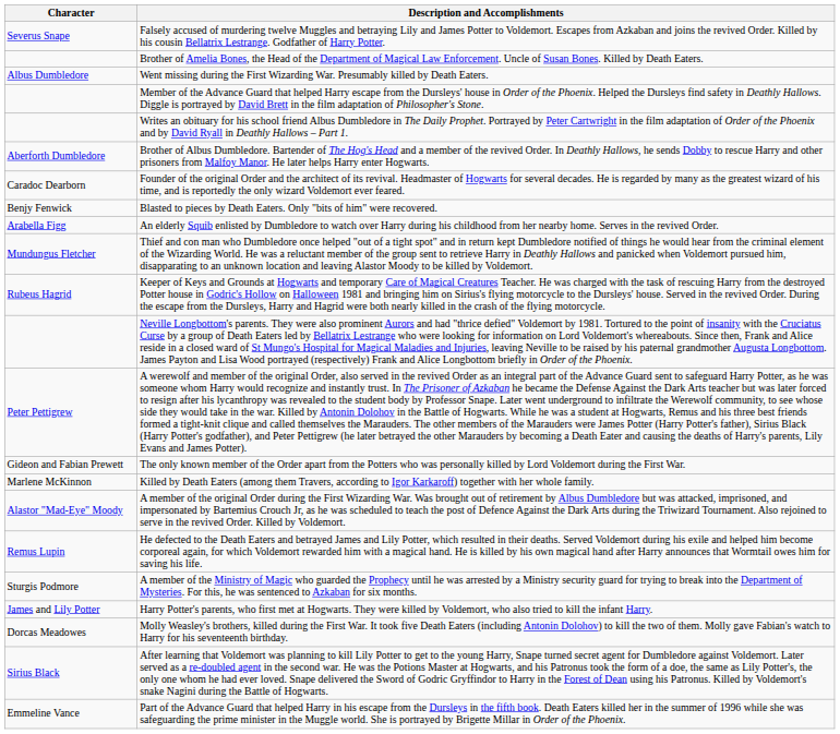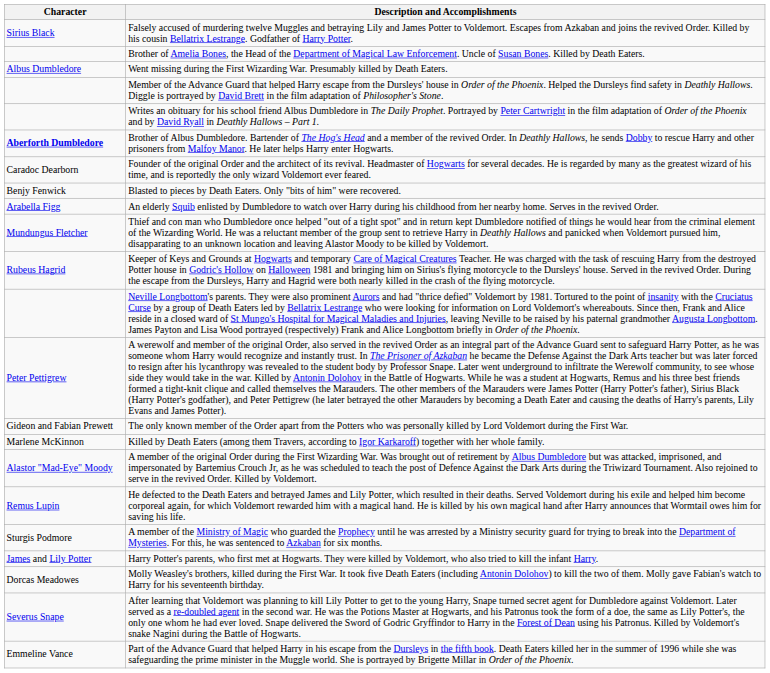 <table Class=wikitable>
 <tr>
 <th style="width:12em;">Character</th>
 <th>Description and Accomplishments</th>
 </tr>
 <tr>
-<td><a href='#'>Severus Snape</a></td>
+<td><a href='#'>Sirius Black</a></td>
 <td>Falsely accused of murdering twelve Muggles and betraying Lily and James Potter to Voldemort. Escapes from Azkaban and joins the revived Order. Killed by his cousin <a href='#'>Bellatrix Lestrange</a>. Godfather of <a href='#'>Harry Potter</a>.</td>
 </tr>
 <tr>
 <td></td>
 <td>Brother of <a href='#'>Amelia Bones</a>, the Head of the <a href='#'>Department of Magical Law Enforcement</a>. Uncle of <a href='#'>Susan Bones</a>. Killed by Death Eaters.</td>
 </tr>
 <tr>
 <td><a href='#'>Albus Dumbledore</a></td>
 <td>Went missing during the First Wizarding War. Presumably killed by Death Eaters.</td>
 </tr>
 <tr>
 <td></td>
 <td>Member of the Advance Guard that helped Harry escape from the Dursleys' house in <em>Order of the Phoenix</em>. Helped the Dursleys find safety in <em>Deathly Hallows</em>. Diggle is portrayed by <a href='#'>David Brett</a> in the film adaptation of <em>Philosopher's Stone</em>.</td>
 </tr>
 <tr>
 <td></td>
 <td>Writes an obituary for his school friend Albus Dumbledore in <em>The Daily Prophet</em>. Portrayed by <a href='#'>Peter Cartwright</a> in the film adaptation of <em>Order of the Phoenix</em> and by <a href='#'>David Ryall</a> in <em>Deathly Hallows</em> <em>– Part 1.</em></td>
 </tr>
 <tr>
-<td><a href='#'>Aberforth Dumbledore</a></td>
+<td><strong><a href='#'>Aberforth Dumbledore</a></strong></td>
 <td>Brother of Albus Dumbledore. Bartender of <em><a href='#'>The Hog's Head</a></em> and a member of the revived Order. In <em>Deathly Hallows</em>, he sends <a href='#'>Dobby</a> to rescue Harry and other prisoners from <a href='#'>Malfoy Manor</a>. He later helps Harry enter Hogwarts.</td>
 </tr>
 <tr>
 <td>Caradoc Dearborn</td>
 <td>Founder of the original Order and the architect of its revival. Headmaster of <a href='#'>Hogwarts</a> for several decades. He is regarded by many as the greatest wizard of his time, and is reportedly the only wizard Voldemort ever feared.</td>
 </tr>
 <tr>
 <td>Benjy Fenwick</td>
 <td>Blasted to pieces by Death Eaters. Only "bits of him" were recovered.</td>
 </tr>
 <tr>
 <td><a href='#'>Arabella Figg</a></td>
 <td>An elderly <a href='#'>Squib</a> enlisted by Dumbledore to watch over Harry during his childhood from her nearby home. Serves in the revived Order.</td>
 </tr>
 <tr>
 <td><a href='#'>Mundungus Fletcher</a></td>
 <td>Thief and con man who Dumbledore once helped "out of a tight spot" and in return kept Dumbledore notified of things he would hear from the criminal element of the Wizarding World. He was a reluctant member of the group sent to retrieve Harry in <em>Deathly Hallows</em> and panicked when Voldemort pursued him, disapparating to an unknown location and leaving Alastor Moody to be killed by Voldemort.</td>
 </tr>
 <tr>
 <td><a href='#'>Rubeus Hagrid</a></td>
 <td>Keeper of Keys and Grounds at <a href='#'>Hogwarts</a> and temporary <a href='#'>Care of Magical Creatures</a> Teacher. He was charged with the task of rescuing Harry from the destroyed Potter house in <a href='#'>Godric's Hollow</a> on <a href='#'>Halloween</a> 1981 and bringing him on Sirius's flying motorcycle to the Dursleys' house. Served in the revived Order. During the escape from the Dursleys, Harry and Hagrid were both nearly killed in the crash of the flying motorcycle.</td>
 </tr>
 <tr>
 <td></td>
 <td><a href='#'>Neville Longbottom</a>'s parents. They were also prominent <a href='#'>Aurors</a> and had "thrice defied" Voldemort by 1981. Tortured to the point of <a href='#'>insanity</a> with the <a href='#'>Cruciatus Curse</a> by a group of Death Eaters led by <a href='#'>Bellatrix Lestrange</a> who were looking for information on Lord Voldemort's whereabouts. Since then, Frank and Alice reside in a closed ward of <a href='#'>St Mungo's Hospital for Magical Maladies and Injuries</a>, leaving Neville to be raised by his paternal grandmother <a href='#'>Augusta Longbottom</a>. James Payton and Lisa Wood portrayed (respectively) Frank and Alice Longbottom briefly in <em>Order of the Phoenix</em>.</td>
 </tr>
 <tr>
 <td><a href='#'>Peter Pettigrew</a></td>
 <td>A werewolf and member of the original Order, also served in the revived Order as an integral part of the Advance Guard sent to safeguard Harry Potter, as he was someone whom Harry would recognize and instantly trust. In <em><a href='#'>The Prisoner of Azkaban</a></em> he became the Defense Against the Dark Arts teacher but was later forced to resign after his lycanthropy was revealed to the student body by Professor Snape. Later went underground to infiltrate the Werewolf community, to see whose side they would take in the war. Killed by <a href='#'>Antonin Dolohov</a> in the Battle of Hogwarts. While he was a student at Hogwarts, Remus and his three best friends formed a tight-knit clique and called themselves the Marauders. The other members of the Marauders were James Potter (Harry Potter's father), Sirius Black (Harry Potter's godfather), and Peter Pettigrew (he later betrayed the other Marauders by becoming a Death Eater and causing the deaths of Harry's parents, Lily Evans and James Potter).</td>
 </tr>
 <tr>
 <td>Gideon and Fabian Prewett</td>
 <td>The only known member of the Order apart from the Potters who was personally killed by Lord Voldemort during the First War.</td>
 </tr>
 <tr>
 <td>Marlene McKinnon</td>
 <td>Killed by Death Eaters (among them Travers, according to <a href='#'>Igor Karkaroff</a>) together with her whole family.</td>
 </tr>
 <tr>
 <td><a href='#'>Alastor "Mad-Eye" Moody</a></td>
 <td>A member of the original Order during the First Wizarding War. Was brought out of retirement by <a href='#'>Albus Dumbledore</a> but was attacked, imprisoned, and impersonated by Bartemius Crouch Jr, as he was scheduled to teach the post of Defence Against the Dark Arts during the Triwizard Tournament. Also rejoined to serve in the revived Order. Killed by Voldemort.</td>
 </tr>
 <tr>
 <td><a href='#'>Remus Lupin</a></td>
 <td>He defected to the Death Eaters and betrayed James and Lily Potter, which resulted in their deaths. Served Voldemort during his exile and helped him become corporeal again, for which Voldemort rewarded him with a magical hand. He is killed by his own magical hand after Harry announces that Wormtail owes him for saving his life.</td>
 </tr>
 <tr>
 <td>Sturgis Podmore</td>
 <td>A member of the <a href='#'>Ministry of Magic</a> who guarded the <a href='#'>Prophecy</a> until he was arrested by a Ministry security guard for trying to break into the <a href='#'>Department of Mysteries</a>. For this, he was sentenced to <a href='#'>Azkaban</a> for six months.</td>
 </tr>
 <tr>
 <td><a href='#'>James</a> and <a href='#'>Lily Potter</a></td>
 <td>Harry Potter's parents, who first met at Hogwarts. They were killed by Voldemort, who also tried to kill the infant <a href='#'>Harry</a>.</td>
 </tr>
 <tr>
 <td>Dorcas Meadowes</td>
 <td>Molly Weasley's brothers, killed during the First War. It took five Death Eaters (including <a href='#'>Antonin Dolohov</a>) to kill the two of them. Molly gave Fabian's watch to Harry for his seventeenth birthday.</td>
 </tr>
 <tr>
-<td><a href='#'>Sirius Black</a></td>
+<td><a href='#'>Severus Snape</a></td>
 <td>After learning that Voldemort was planning to kill Lily Potter to get to the young Harry, Snape turned secret agent for Dumbledore against Voldemort. Later served as a <a href='#'>re-doubled agent</a> in the second war. He was the Potions Master at Hogwarts, and his Patronus took the form of a doe, the same as Lily Potter's, the only one whom he had ever loved. Snape delivered the Sword of Godric Gryffindor to Harry in the <a href='#'>Forest of Dean</a> using his Patronus. Killed by Voldemort's snake Nagini during the Battle of Hogwarts.</td>
 </tr>
 <tr>
 <td>Emmeline Vance</td>
 <td>Part of the Advance Guard that helped Harry in his escape from the <a href='#'>Dursleys</a> in <a href='#'>the fifth book</a>. Death Eaters killed her in the summer of 1996 while she was safeguarding the prime minister in the Muggle world. She is portrayed by Brigette Millar in <em>Order of the Phoenix</em>.</td>
 </tr>
 </table>
